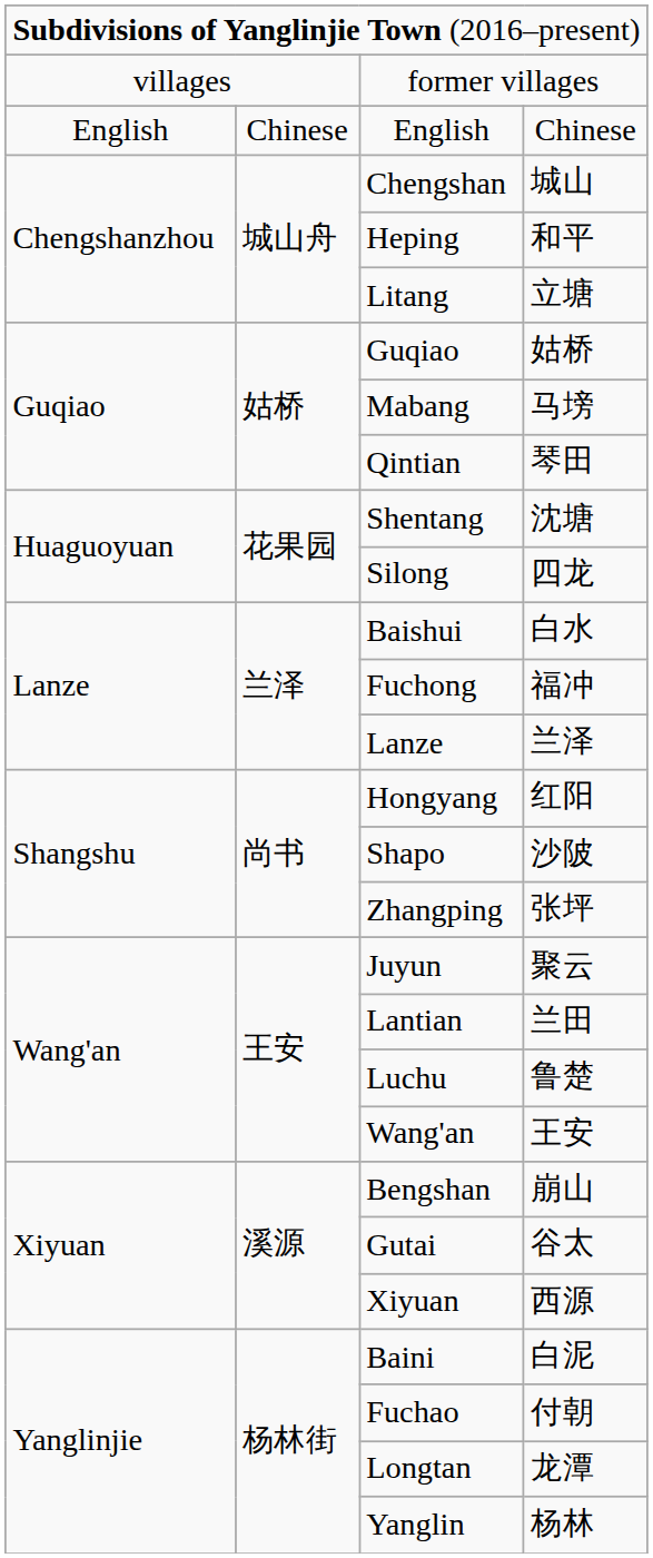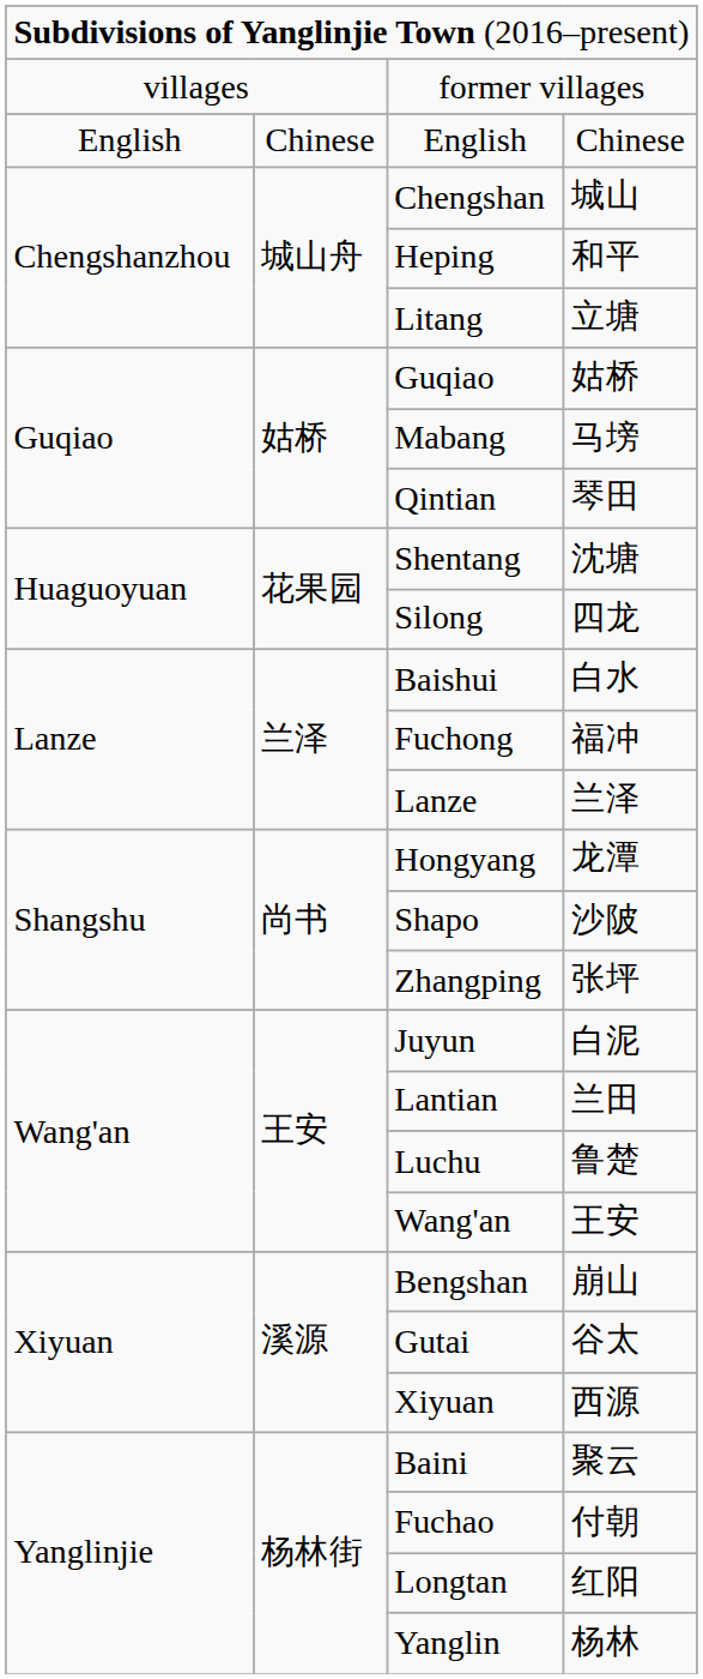 <table class="wikitable">
 <tr>
 <td align=center colspan=4><strong>Subdivisions of Yanglinjie Town</strong> (2016–present)</td>
 </tr>
 <tr align=center>
 <td align=center colspan=2>villages</td>
 <td align=center colspan=2>former villages</td>
 </tr>
 <tr align=center>
 <td>English</td>
 <td>Chinese</td>
 <td>English</td>
 <td>Chinese</td>
 </tr>
 <tr>
 <td align=left rowspan=3>Chengshanzhou</td>
 <td rowspan=3>城山舟</td>
 <td>Chengshan</td>
 <td>城山</td>
 </tr>
 <tr>
 <td>Heping</td>
 <td>和平</td>
 </tr>
 <tr>
 <td>Litang</td>
 <td>立塘</td>
 </tr>
 <tr>
 <td align=left rowspan=3>Guqiao</td>
 <td align=left rowspan=3>姑桥</td>
 <td>Guqiao</td>
 <td>姑桥</td>
 </tr>
 <tr>
 <td>Mabang</td>
 <td>马塝</td>
 </tr>
 <tr>
 <td>Qintian</td>
 <td>琴田</td>
 </tr>
 <tr>
 <td align=left rowspan=2>Huaguoyuan</td>
 <td align=left rowspan=2>花果园</td>
 <td>Shentang</td>
 <td>沈塘</td>
 </tr>
 <tr>
 <td>Silong</td>
 <td>四龙</td>
 </tr>
 <tr>
 <td align=left rowspan=3>Lanze</td>
 <td align=left rowspan=3>兰泽</td>
 <td>Baishui</td>
 <td>白水</td>
 </tr>
 <tr>
 <td>Fuchong</td>
 <td>福冲</td>
 </tr>
 <tr>
 <td>Lanze</td>
 <td>兰泽</td>
 </tr>
 <tr>
 <td align=left rowspan=3>Shangshu</td>
 <td align=left rowspan=3>尚书</td>
 <td>Hongyang</td>
-<td>红阳</td>
+<td>龙潭</td>
 </tr>
 <tr>
 <td>Shapo</td>
 <td>沙陂</td>
 </tr>
 <tr>
 <td>Zhangping</td>
 <td>张坪</td>
 </tr>
 <tr>
 <td align=left rowspan=4>Wang'an</td>
 <td align=left rowspan=4>王安</td>
 <td>Juyun</td>
-<td>聚云</td>
+<td>白泥</td>
 </tr>
 <tr>
 <td>Lantian</td>
 <td>兰田</td>
 </tr>
 <tr>
 <td>Luchu</td>
 <td>鲁楚</td>
 </tr>
 <tr>
 <td>Wang'an</td>
 <td>王安</td>
 </tr>
 <tr>
 <td align=left rowspan=3>Xiyuan</td>
 <td align=left rowspan=3>溪源</td>
 <td>Bengshan</td>
 <td>崩山</td>
 </tr>
 <tr>
 <td>Gutai</td>
 <td>谷太</td>
 </tr>
 <tr>
 <td>Xiyuan</td>
 <td>西源</td>
 </tr>
 <tr>
 <td align=left rowspan=4>Yanglinjie</td>
 <td align=left rowspan=4>杨林街</td>
 <td>Baini</td>
-<td>白泥</td>
+<td>聚云</td>
 </tr>
 <tr>
 <td>Fuchao</td>
 <td>付朝</td>
 </tr>
 <tr>
 <td>Longtan</td>
-<td>龙潭</td>
+<td>红阳</td>
 </tr>
 <tr>
 <td>Yanglin</td>
 <td>杨林</td>
 </tr>
 </table>
